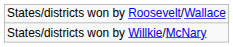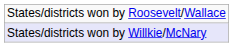 <table class="wikitable">
 <tr>
 <td>States/districts won by <a href='#'>Roosevelt</a>/<a href='#'>Wallace</a></td>
 </tr>
 <tr>
-<td>States/districts won by <a href='#'>Willkie</a>/<a href='#'>McNary</a></td>
+<td style="background: lavender;">States/districts won by <a href='#'>Willkie</a>/<a href='#'>McNary</a></td>
 </tr>
 </table>
